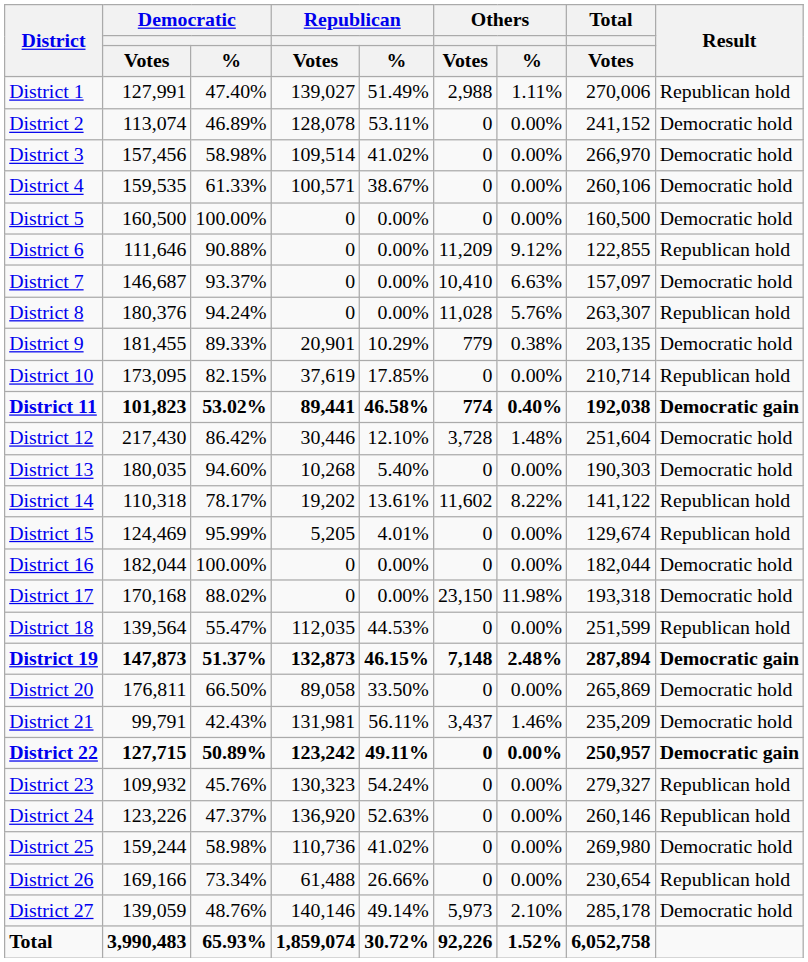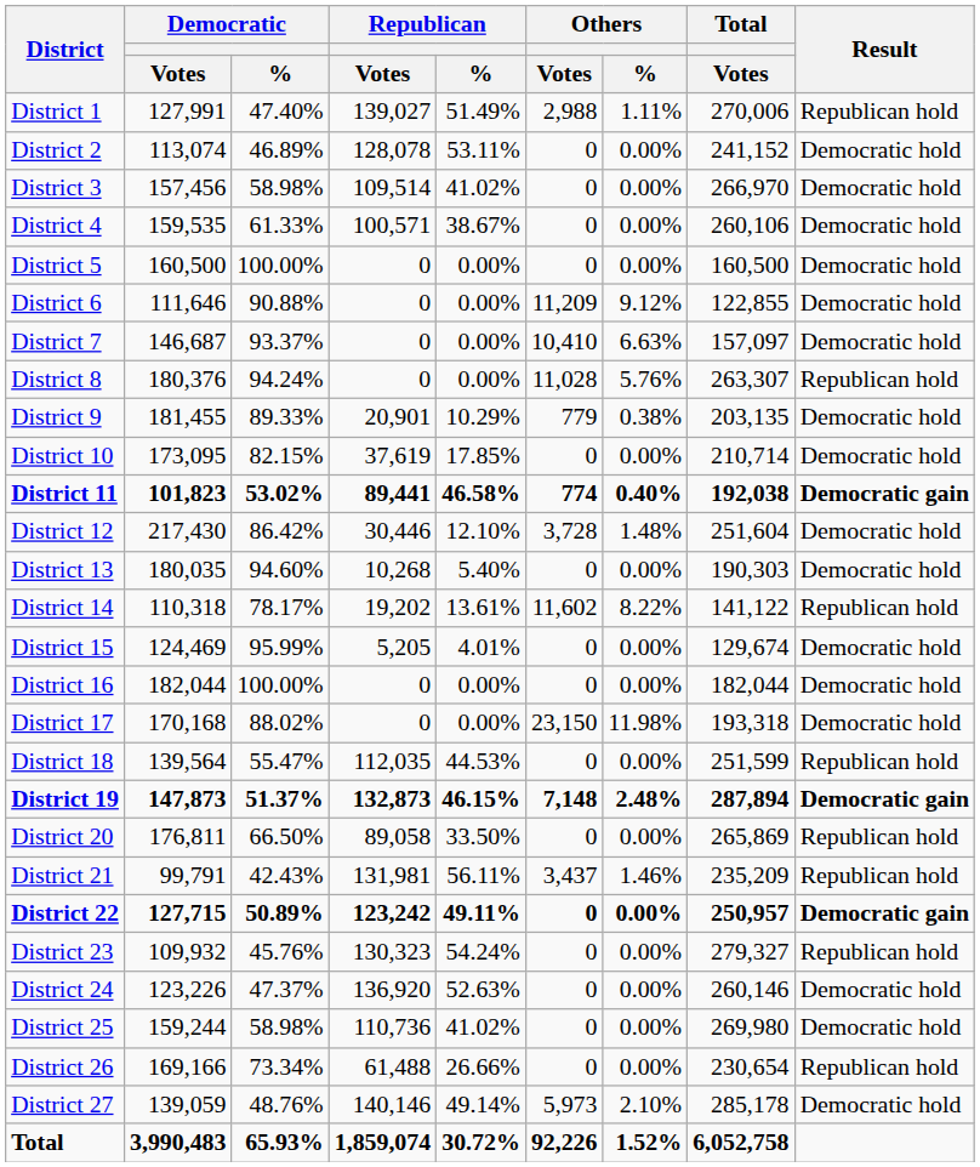 <table class="wikitable plainrowheaders sortable" style="font-size:100%; text-align:right;">
 <tr>
 <th scope=col rowspan=3><a href='#'>District</a></th>
 <th scope=col colspan=2><a href='#'>Democratic</a></th>
 <th scope=col colspan=2><a href='#'>Republican</a></th>
 <th scope=col colspan=2>Others</th>
 <th scope=col>Total</th>
 <th scope=col rowspan=3>Result</th>
 </tr>
 <tr>
 <th scope=col colspan=2 style="background:"></th>
 <th scope=col colspan=2 style="background:"></th>
 <th scope=col colspan=2></th>
 <th scope=col></th>
 </tr>
 <tr>
 <th scope=col data-sort-type="number">Votes</th>
 <th scope=col data-sort-type="number">%</th>
 <th scope=col data-sort-type="number">Votes</th>
 <th scope=col data-sort-type="number">%</th>
 <th scope=col data-sort-type="number">Votes</th>
 <th scope=col data-sort-type="number">%</th>
 <th scope=col data-sort-type="number">Votes</th>
 </tr>
 <tr>
 <td align=left><a href='#'>District 1</a></td>
 <td>127,991</td>
 <td>47.40%</td>
 <td>139,027</td>
 <td>51.49%</td>
 <td>2,988</td>
 <td>1.11%</td>
 <td>270,006</td>
 <td align=left>Republican hold</td>
 </tr>
 <tr>
 <td align=left><a href='#'>District 2</a></td>
 <td>113,074</td>
 <td>46.89%</td>
 <td>128,078</td>
 <td>53.11%</td>
 <td>0</td>
 <td>0.00%</td>
 <td>241,152</td>
 <td align=left>Democratic hold</td>
 </tr>
 <tr>
 <td align=left><a href='#'>District 3</a></td>
 <td>157,456</td>
 <td>58.98%</td>
 <td>109,514</td>
 <td>41.02%</td>
 <td>0</td>
 <td>0.00%</td>
 <td>266,970</td>
 <td align=left>Democratic hold</td>
 </tr>
 <tr>
 <td align=left><a href='#'>District 4</a></td>
 <td>159,535</td>
 <td>61.33%</td>
 <td>100,571</td>
 <td>38.67%</td>
 <td>0</td>
 <td>0.00%</td>
 <td>260,106</td>
 <td align=left>Democratic hold</td>
 </tr>
 <tr>
 <td align=left><a href='#'>District 5</a></td>
 <td>160,500</td>
 <td>100.00%</td>
 <td>0</td>
 <td>0.00%</td>
 <td>0</td>
 <td>0.00%</td>
 <td>160,500</td>
 <td align=left>Democratic hold</td>
 </tr>
 <tr>
 <td align=left><a href='#'>District 6</a></td>
 <td>111,646</td>
 <td>90.88%</td>
 <td>0</td>
 <td>0.00%</td>
 <td>11,209</td>
 <td>9.12%</td>
 <td>122,855</td>
-<td align=left>Republican hold</td>
+<td align=left>Democratic hold</td>
 </tr>
 <tr>
 <td align=left><a href='#'>District 7</a></td>
 <td>146,687</td>
 <td>93.37%</td>
 <td>0</td>
 <td>0.00%</td>
 <td>10,410</td>
 <td>6.63%</td>
 <td>157,097</td>
 <td align=left>Democratic hold</td>
 </tr>
 <tr>
 <td align=left><a href='#'>District 8</a></td>
 <td>180,376</td>
 <td>94.24%</td>
 <td>0</td>
 <td>0.00%</td>
 <td>11,028</td>
 <td>5.76%</td>
 <td>263,307</td>
 <td align=left>Republican hold</td>
 </tr>
 <tr>
 <td align=left><a href='#'>District 9</a></td>
 <td>181,455</td>
 <td>89.33%</td>
 <td>20,901</td>
 <td>10.29%</td>
 <td>779</td>
 <td>0.38%</td>
 <td>203,135</td>
 <td align=left>Democratic hold</td>
 </tr>
 <tr>
 <td align=left><a href='#'>District 10</a></td>
 <td>173,095</td>
 <td>82.15%</td>
 <td>37,619</td>
 <td>17.85%</td>
 <td>0</td>
 <td>0.00%</td>
 <td>210,714</td>
-<td align=left>Republican hold</td>
+<td align=left>Democratic hold</td>
 </tr>
 <tr>
 <td align=left><strong><a href='#'>District 11</a></strong></td>
 <td><strong>101,823</strong></td>
 <td><strong>53.02%</strong></td>
 <td><strong>89,441</strong></td>
 <td><strong>46.58%</strong></td>
 <td><strong>774</strong></td>
 <td><strong>0.40%</strong></td>
 <td><strong>192,038</strong></td>
 <td align=left><strong>Democratic gain</strong></td>
 </tr>
 <tr>
 <td align=left><a href='#'>District 12</a></td>
 <td>217,430</td>
 <td>86.42%</td>
 <td>30,446</td>
 <td>12.10%</td>
 <td>3,728</td>
 <td>1.48%</td>
 <td>251,604</td>
 <td align=left>Democratic hold</td>
 </tr>
 <tr>
 <td align=left><a href='#'>District 13</a></td>
 <td>180,035</td>
 <td>94.60%</td>
 <td>10,268</td>
 <td>5.40%</td>
 <td>0</td>
 <td>0.00%</td>
 <td>190,303</td>
 <td align=left>Democratic hold</td>
 </tr>
 <tr>
 <td align=left><a href='#'>District 14</a></td>
 <td>110,318</td>
 <td>78.17%</td>
 <td>19,202</td>
 <td>13.61%</td>
 <td>11,602</td>
 <td>8.22%</td>
 <td>141,122</td>
 <td align=left>Republican hold</td>
 </tr>
 <tr>
 <td align=left><a href='#'>District 15</a></td>
 <td>124,469</td>
 <td>95.99%</td>
 <td>5,205</td>
 <td>4.01%</td>
 <td>0</td>
 <td>0.00%</td>
 <td>129,674</td>
-<td align=left>Republican hold</td>
+<td align=left>Democratic hold</td>
 </tr>
 <tr>
 <td align=left><a href='#'>District 16</a></td>
 <td>182,044</td>
 <td>100.00%</td>
 <td>0</td>
 <td>0.00%</td>
 <td>0</td>
 <td>0.00%</td>
 <td>182,044</td>
 <td align=left>Democratic hold</td>
 </tr>
 <tr>
 <td align=left><a href='#'>District 17</a></td>
 <td>170,168</td>
 <td>88.02%</td>
 <td>0</td>
 <td>0.00%</td>
 <td>23,150</td>
 <td>11.98%</td>
 <td>193,318</td>
 <td align=left>Democratic hold</td>
 </tr>
 <tr>
 <td align=left><a href='#'>District 18</a></td>
 <td>139,564</td>
 <td>55.47%</td>
 <td>112,035</td>
 <td>44.53%</td>
 <td>0</td>
 <td>0.00%</td>
 <td>251,599</td>
 <td align=left>Republican hold</td>
 </tr>
 <tr>
 <td align=left><strong><a href='#'>District 19</a></strong></td>
 <td><strong>147,873</strong></td>
 <td><strong>51.37%</strong></td>
 <td><strong>132,873</strong></td>
 <td><strong>46.15%</strong></td>
 <td><strong>7,148</strong></td>
 <td><strong>2.48%</strong></td>
 <td><strong>287,894</strong></td>
 <td align=left><strong>Democratic gain</strong></td>
 </tr>
 <tr>
 <td align=left><a href='#'>District 20</a></td>
 <td>176,811</td>
 <td>66.50%</td>
 <td>89,058</td>
 <td>33.50%</td>
 <td>0</td>
 <td>0.00%</td>
 <td>265,869</td>
-<td align=left>Democratic hold</td>
+<td align=left>Republican hold</td>
 </tr>
 <tr>
 <td align=left><a href='#'>District 21</a></td>
 <td>99,791</td>
 <td>42.43%</td>
 <td>131,981</td>
 <td>56.11%</td>
 <td>3,437</td>
 <td>1.46%</td>
 <td>235,209</td>
-<td align=left>Democratic hold</td>
+<td align=left>Republican hold</td>
 </tr>
 <tr>
 <td align=left><strong><a href='#'>District 22</a></strong></td>
 <td><strong>127,715</strong></td>
 <td><strong>50.89%</strong></td>
 <td><strong>123,242</strong></td>
 <td><strong>49.11%</strong></td>
 <td><strong>0</strong></td>
 <td><strong>0.00%</strong></td>
 <td><strong>250,957</strong></td>
 <td align=left><strong>Democratic gain</strong></td>
 </tr>
 <tr>
 <td align=left><a href='#'>District 23</a></td>
 <td>109,932</td>
 <td>45.76%</td>
 <td>130,323</td>
 <td>54.24%</td>
 <td>0</td>
 <td>0.00%</td>
 <td>279,327</td>
 <td align=left>Republican hold</td>
 </tr>
 <tr>
 <td align=left><a href='#'>District 24</a></td>
 <td>123,226</td>
 <td>47.37%</td>
 <td>136,920</td>
 <td>52.63%</td>
 <td>0</td>
 <td>0.00%</td>
 <td>260,146</td>
-<td align=left>Republican hold</td>
+<td align=left>Democratic hold</td>
 </tr>
 <tr>
 <td align=left><a href='#'>District 25</a></td>
 <td>159,244</td>
 <td>58.98%</td>
 <td>110,736</td>
 <td>41.02%</td>
 <td>0</td>
 <td>0.00%</td>
 <td>269,980</td>
 <td align=left>Democratic hold</td>
 </tr>
 <tr>
 <td align=left><a href='#'>District 26</a></td>
 <td>169,166</td>
 <td>73.34%</td>
 <td>61,488</td>
 <td>26.66%</td>
 <td>0</td>
 <td>0.00%</td>
 <td>230,654</td>
 <td align=left>Republican hold</td>
 </tr>
 <tr>
 <td align=left><a href='#'>District 27</a></td>
 <td>139,059</td>
 <td>48.76%</td>
 <td>140,146</td>
 <td>49.14%</td>
 <td>5,973</td>
 <td>2.10%</td>
 <td>285,178</td>
 <td align=left>Democratic hold</td>
 </tr>
 <tr class="sortbottom" style="font-weight:bold">
 <td align=left>Total</td>
 <td>3,990,483</td>
 <td>65.93%</td>
 <td>1,859,074</td>
 <td>30.72%</td>
 <td>92,226</td>
 <td>1.52%</td>
 <td>6,052,758</td>
 <td></td>
 </tr>
 </table>
